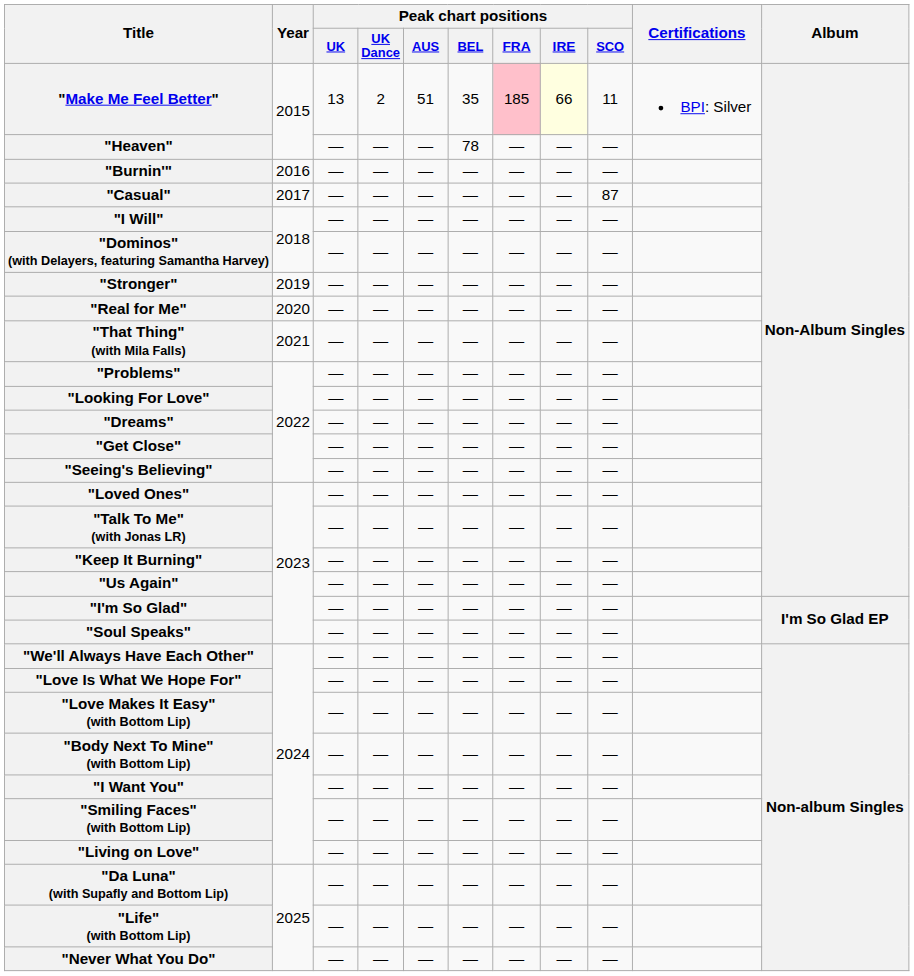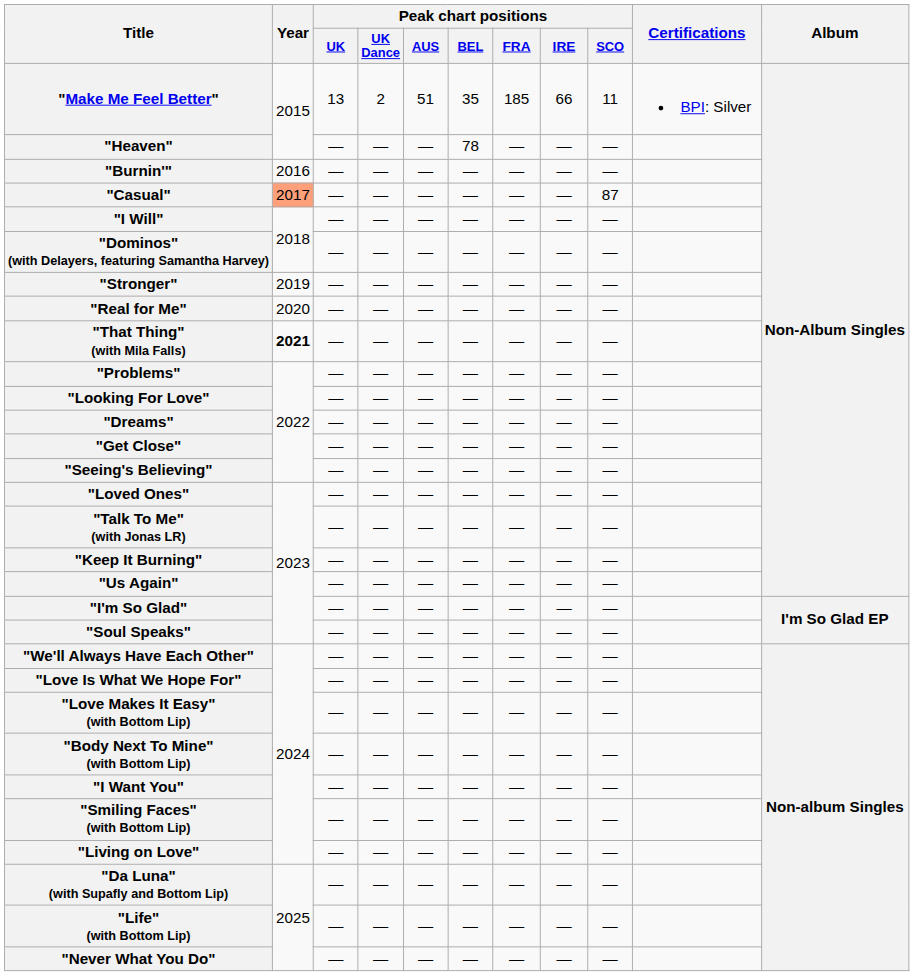 <table class="wikitable plainrowheaders" style="text-align:center;">
 <tr>
 <th scope="col" rowspan="2">Title</th>
 <th scope="col" rowspan="2">Year</th>
 <th scope="col" colspan="7">Peak chart positions</th>
 <th scope="col" rowspan="2" style="width:8em"><a href='#'>Certifications</a></th>
 <th scope="col" rowspan="2">Album</th>
 </tr>
 <tr>
 <th scope="col" style="width:3em;font-size:85%;"><a href='#'>UK</a><br></th>
 <th scope="col" style="width:3em;font-size:85%;"><a href='#'>UK Dance</a><br></th>
 <th scope="col" style="width:3em;font-size:85%;"><a href='#'>AUS</a><br></th>
 <th scope="col" style="width:3em;font-size:85%;"><a href='#'>BEL</a><br></th>
 <th scope="col" style="width:3em;font-size:90%;"><a href='#'>FRA</a><br></th>
 <th scope="col" style="width:3em;font-size:90%;"><a href='#'>IRE</a><br></th>
 <th scope="col" style="width:3em;font-size:85%;"><a href='#'>SCO</a><br></th>
 </tr>
 <tr>
 <th>"<a href='#'>Make Me Feel Better</a>"</th>
 <td rowspan="2">2015</td>
 <td>13</td>
 <td>2</td>
 <td>51</td>
 <td>35</td>
-<td style="background: pink;">185</td>
-<td style="background: lightyellow;">66</td>
+<td>185</td>
+<td>66</td>
 <td>11</td>
 <td><br><ul><li><a href='#'>BPI</a>: Silver</li></ul></td>
 <th rowspan="18">Non-Album Singles</th>
 </tr>
 <tr>
 <th>"Heaven"</th>
 <td>—</td>
 <td>—</td>
 <td>—</td>
 <td>78</td>
 <td>—</td>
 <td>—</td>
 <td>—</td>
 <td></td>
 </tr>
 <tr>
 <th>"Burnin'"<br></th>
 <td>2016</td>
 <td>—</td>
 <td>—</td>
 <td>—</td>
 <td>—</td>
 <td>—</td>
 <td>—</td>
 <td>—</td>
 <td></td>
 </tr>
 <tr>
 <th>"Casual"</th>
-<td>2017</td>
+<td style="background: lightsalmon;">2017</td>
 <td>—</td>
 <td>—</td>
 <td>—</td>
 <td>—</td>
 <td>—</td>
 <td>—</td>
 <td>87</td>
 <td></td>
 </tr>
 <tr>
 <th>"I Will"<br></th>
 <td rowspan="2">2018</td>
 <td>—</td>
 <td>—</td>
 <td>—</td>
 <td>—</td>
 <td>—</td>
 <td>—</td>
 <td>—</td>
 <td></td>
 </tr>
 <tr>
 <th>"Dominos"<br><small>(with Delayers, featuring Samantha Harvey)</small></th>
 <td>—</td>
 <td>—</td>
 <td>—</td>
 <td>—</td>
 <td>—</td>
 <td>—</td>
 <td>—</td>
 <td></td>
 </tr>
 <tr>
 <th>"Stronger"</th>
 <td>2019</td>
 <td>—</td>
 <td>—</td>
 <td>—</td>
 <td>—</td>
 <td>—</td>
 <td>—</td>
 <td>—</td>
 <td></td>
 </tr>
 <tr>
 <th>"Real for Me"</th>
 <td>2020</td>
 <td>—</td>
 <td>—</td>
 <td>—</td>
 <td>—</td>
 <td>—</td>
 <td>—</td>
 <td>—</td>
 <td></td>
 </tr>
 <tr>
 <th>"That Thing"<br><small>(with Mila Falls)</small></th>
-<td>2021</td>
+<td><strong>2021</strong></td>
 <td>—</td>
 <td>—</td>
 <td>—</td>
 <td>—</td>
 <td>—</td>
 <td>—</td>
 <td>—</td>
 <td></td>
 </tr>
 <tr>
 <th>"Problems"</th>
 <td rowspan="5">2022</td>
 <td>—</td>
 <td>—</td>
 <td>—</td>
 <td>—</td>
 <td>—</td>
 <td>—</td>
 <td>—</td>
 <td></td>
 </tr>
 <tr>
 <th>"Looking For Love"</th>
 <td>—</td>
 <td>—</td>
 <td>—</td>
 <td>—</td>
 <td>—</td>
 <td>—</td>
 <td>—</td>
 <td></td>
 </tr>
 <tr>
 <th>"Dreams"</th>
 <td>—</td>
 <td>—</td>
 <td>—</td>
 <td>—</td>
 <td>—</td>
 <td>—</td>
 <td>—</td>
 <td></td>
 </tr>
 <tr>
 <th>"Get Close"</th>
 <td>—</td>
 <td>—</td>
 <td>—</td>
 <td>—</td>
 <td>—</td>
 <td>—</td>
 <td>—</td>
 <td></td>
 </tr>
 <tr>
 <th>"Seeing's Believing"</th>
 <td>—</td>
 <td>—</td>
 <td>—</td>
 <td>—</td>
 <td>—</td>
 <td>—</td>
 <td>—</td>
 <td></td>
 </tr>
 <tr>
 <th>"Loved Ones"</th>
 <td rowspan="6">2023</td>
 <td>—</td>
 <td>—</td>
 <td>—</td>
 <td>—</td>
 <td>—</td>
 <td>—</td>
 <td>—</td>
 <td></td>
 </tr>
 <tr>
 <th>"Talk To Me"<br><small>(with Jonas LR)</small></th>
 <td>—</td>
 <td>—</td>
 <td>—</td>
 <td>—</td>
 <td>—</td>
 <td>—</td>
 <td>—</td>
 <td></td>
 </tr>
 <tr>
 <th>"Keep It Burning"</th>
 <td>—</td>
 <td>—</td>
 <td>—</td>
 <td>—</td>
 <td>—</td>
 <td>—</td>
 <td>—</td>
 <td></td>
 </tr>
 <tr>
 <th>"Us Again"</th>
 <td>—</td>
 <td>—</td>
 <td>—</td>
 <td>—</td>
 <td>—</td>
 <td>—</td>
 <td>—</td>
 <td></td>
 </tr>
 <tr>
 <th>"I'm So Glad"</th>
 <td>—</td>
 <td>—</td>
 <td>—</td>
 <td>—</td>
 <td>—</td>
 <td>—</td>
 <td>—</td>
 <td></td>
 <th rowspan="2">I'm So Glad EP</th>
 </tr>
 <tr>
 <th>"Soul Speaks"</th>
 <td>—</td>
 <td>—</td>
 <td>—</td>
 <td>—</td>
 <td>—</td>
 <td>—</td>
 <td>—</td>
 <td></td>
 </tr>
 <tr>
 <th>"We'll Always Have Each Other"</th>
 <td rowspan="7">2024</td>
 <td>—</td>
 <td>—</td>
 <td>—</td>
 <td>—</td>
 <td>—</td>
 <td>—</td>
 <td>—</td>
 <td></td>
 <th rowspan="10">Non-album Singles</th>
 </tr>
 <tr>
 <th>"Love Is What We Hope For"</th>
 <td>—</td>
 <td>—</td>
 <td>—</td>
 <td>—</td>
 <td>—</td>
 <td>—</td>
 <td>—</td>
 <td></td>
 </tr>
 <tr>
 <th>"Love Makes It Easy"<br><small>(with Bottom Lip)</small></th>
 <td>—</td>
 <td>—</td>
 <td>—</td>
 <td>—</td>
 <td>—</td>
 <td>—</td>
 <td>—</td>
 <td></td>
 </tr>
 <tr>
 <th>"Body Next To Mine"<br><small>(with Bottom Lip)</small></th>
 <td>—</td>
 <td>—</td>
 <td>—</td>
 <td>—</td>
 <td>—</td>
 <td>—</td>
 <td>—</td>
 <td></td>
 </tr>
 <tr>
 <th>"I Want You"</th>
 <td>—</td>
 <td>—</td>
 <td>—</td>
 <td>—</td>
 <td>—</td>
 <td>—</td>
 <td>—</td>
 <td></td>
 </tr>
 <tr>
 <th>"Smiling Faces"<br><small>(with Bottom Lip)</small></th>
 <td>—</td>
 <td>—</td>
 <td>—</td>
 <td>—</td>
 <td>—</td>
 <td>—</td>
 <td>—</td>
 <td></td>
 </tr>
 <tr>
 <th>"Living on Love"</th>
 <td>—</td>
 <td>—</td>
 <td>—</td>
 <td>—</td>
 <td>—</td>
 <td>—</td>
 <td>—</td>
 <td></td>
 </tr>
 <tr>
 <th>"Da Luna"<br><small>(with Supafly and Bottom Lip)</small></th>
 <td rowspan="3">2025</td>
 <td>—</td>
 <td>—</td>
 <td>—</td>
 <td>—</td>
 <td>—</td>
 <td>—</td>
 <td>—</td>
 <td></td>
 </tr>
 <tr>
 <th>"Life"<br><small>(with Bottom Lip)</small></th>
 <td>—</td>
 <td>—</td>
 <td>—</td>
 <td>—</td>
 <td>—</td>
 <td>—</td>
 <td>—</td>
 <td></td>
 </tr>
 <tr>
 <th>"Never What You Do"</th>
 <td>—</td>
 <td>—</td>
 <td>—</td>
 <td>—</td>
 <td>—</td>
 <td>—</td>
 <td>—</td>
 <td></td>
 </tr>
 </table>
